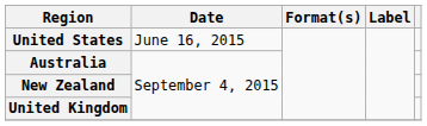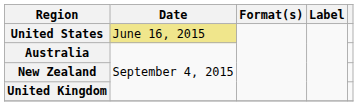 <table class="wikitable plainrowheaders">
 <tr>
 <th scope="col">Region</th>
 <th scope="col">Date</th>
 <th scope="col">Format(s)</th>
 <th scope="col">Label</th>
 <th scope="col"></th>
 </tr>
 <tr>
 <th scope="row">United States</th>
-<td>June 16, 2015</td>
+<td style="background: khaki;">June 16, 2015</td>
 <td rowspan="4"></td>
 <td rowspan="4"></td>
 <td></td>
 </tr>
 <tr>
 <th scope="row">Australia</th>
 <td rowspan="3">September 4, 2015</td>
 <td></td>
 </tr>
 <tr>
 <th scope="row">New Zealand</th>
 <td></td>
 </tr>
 <tr>
 <th scope="row">United Kingdom</th>
 <td></td>
 </tr>
 <tr>
 </tr>
 </table>
